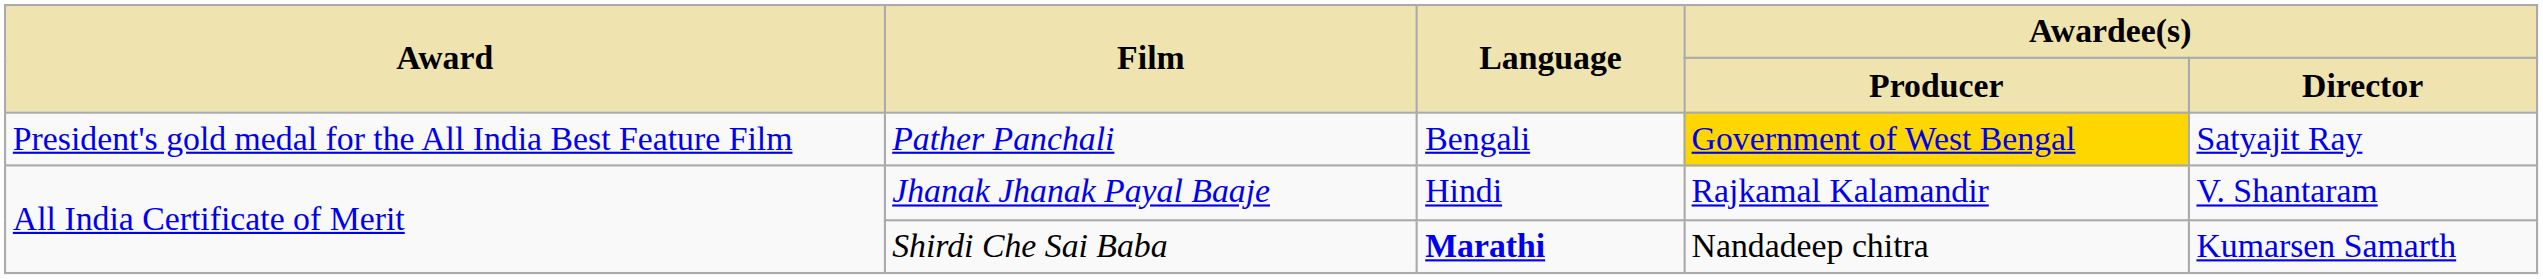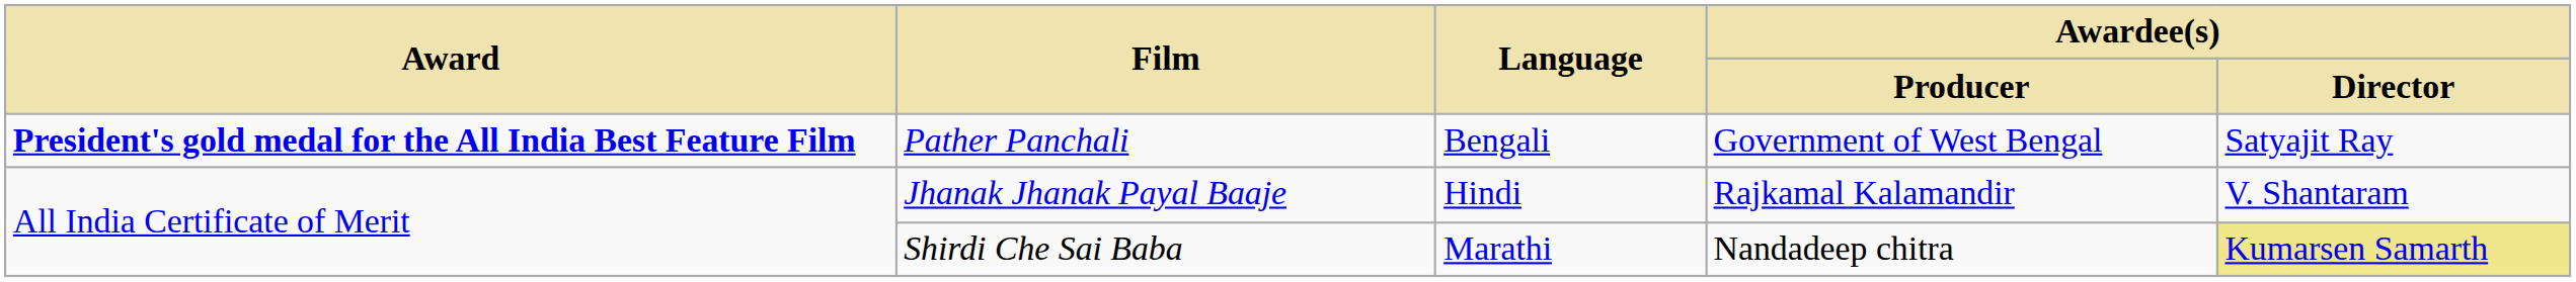 <table class="wikitable sortable" style="width:95%">
 <tr>
 <th scope="col" rowspan="2" style="background-color:#EFE4B0;width:33%;">Award</th>
 <th scope="col" rowspan="2" style="background-color:#EFE4B0;width:20%;">Film</th>
 <th scope="col" rowspan="2" style="background-color:#EFE4B0;width:10%;">Language</th>
 <th scope="col" colspan="2" style="background-color:#EFE4B0;width:32%;">Awardee(s)</th>
 </tr>
 <tr>
 <th scope="col" style="background-color:#EFE4B0;">Producer</th>
 <th scope="col" style="background-color:#EFE4B0;">Director</th>
 </tr>
 <tr>
-<td><a href='#'>President's gold medal for the All India Best Feature Film</a></td>
+<td><strong><a href='#'>President's gold medal for the All India Best Feature Film</a></strong></td>
 <td><em><a href='#'>Pather Panchali</a></em></td>
 <td><a href='#'>Bengali</a></td>
-<td style="background: gold;"><a href='#'>Government of West Bengal</a></td>
+<td><a href='#'>Government of West Bengal</a></td>
 <td><a href='#'>Satyajit Ray</a></td>
 </tr>
 <tr>
 <td rowspan="2"><a href='#'>All India Certificate of Merit</a></td>
 <td><em><a href='#'>Jhanak Jhanak Payal Baaje</a></em></td>
 <td><a href='#'>Hindi</a></td>
 <td><a href='#'>Rajkamal Kalamandir</a></td>
 <td><a href='#'>V. Shantaram</a></td>
 </tr>
 <tr>
 <td><em>Shirdi Che Sai Baba</em></td>
-<td><strong><a href='#'>Marathi</a></strong></td>
+<td><a href='#'>Marathi</a></td>
 <td>Nandadeep chitra</td>
-<td><a href='#'>Kumarsen Samarth</a></td>
+<td style="background: khaki;"><a href='#'>Kumarsen Samarth</a></td>
 </tr>
 </table>
